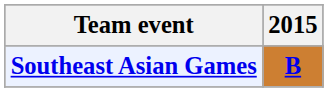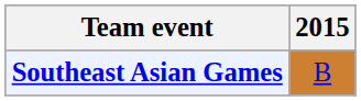 <table style='font-size: 90%; text-align:center;' class='wikitable'>
 <tr>
 <th>Team event</th>
 <th>2015</th>
 </tr>
 <tr>
 <td bgcolor="#ECF2FF"; align="left"><strong><a href='#'>Southeast Asian Games</a></strong></td>
-<td bgcolor=CD7F32><strong><a href='#'>B</a></strong></td>
+<td bgcolor=CD7F32><a href='#'>B</a></td>
 </tr>
 </table>
